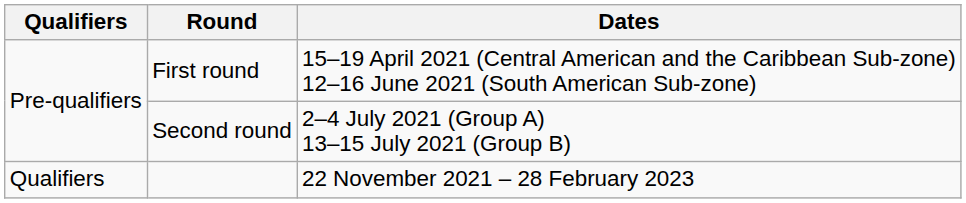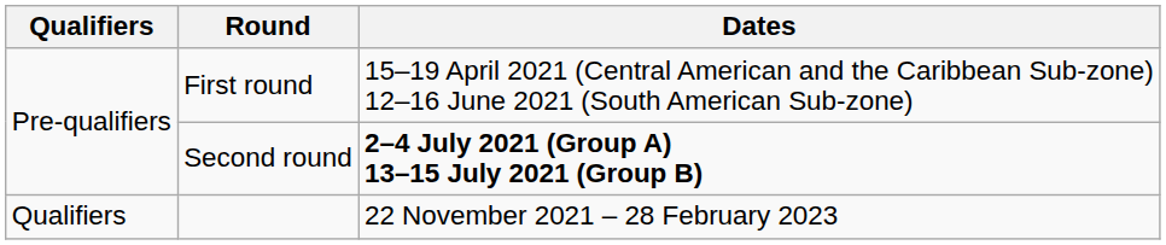 <table class="wikitable">
 <tr>
 <th>Qualifiers</th>
 <th>Round</th>
 <th>Dates</th>
 </tr>
 <tr>
 <td rowspan=2>Pre-qualifiers</td>
 <td>First round</td>
 <td>15–19 April 2021 (Central American and the Caribbean Sub-zone)<br>12–16 June 2021 (South American Sub-zone)</td>
 </tr>
 <tr>
 <td>Second round</td>
-<td>2–4 July 2021 (Group A)<br>13–15 July 2021 (Group B)</td>
+<td><strong>2–4 July 2021 (Group A)<br>13–15 July 2021 (Group B)</strong></td>
 </tr>
 <tr>
 <td>Qualifiers</td>
 <td></td>
 <td>22 November 2021 – 28 February 2023</td>
 </tr>
 </table>
